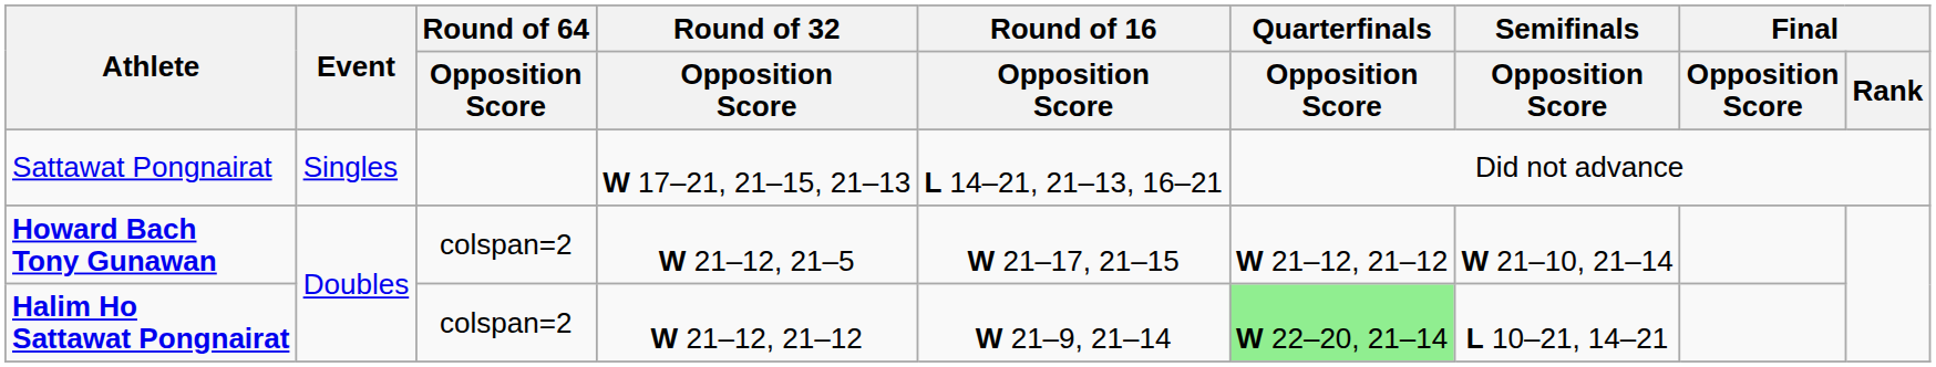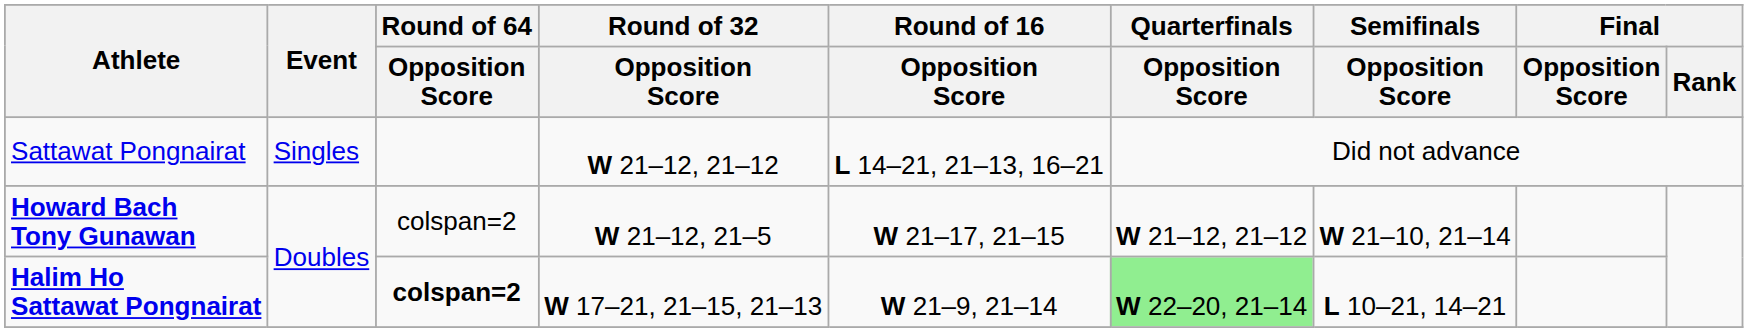 <table class="wikitable" style="font-size:90%">
 <tr>
 <th rowspan=2>Athlete</th>
 <th rowspan=2>Event</th>
 <th>Round of 64</th>
 <th>Round of 32</th>
 <th>Round of 16</th>
 <th>Quarterfinals</th>
 <th>Semifinals</th>
 <th colspan=2>Final</th>
 </tr>
 <tr>
 <th>Opposition<br>Score</th>
 <th>Opposition<br>Score</th>
 <th>Opposition<br>Score</th>
 <th>Opposition<br>Score</th>
 <th>Opposition<br>Score</th>
 <th>Opposition<br>Score</th>
 <th>Rank</th>
 </tr>
 <tr align=center>
 <td align=left><a href='#'>Sattawat Pongnairat</a></td>
 <td align=left><a href='#'>Singles</a></td>
 <td></td>
-<td><br><strong>W</strong> 17–21, 21–15, 21–13</td>
+<td><br><strong>W</strong> 21–12, 21–12</td>
 <td><br><strong>L</strong> 14–21, 21–13, 16–21</td>
 <td colspan=4>Did not advance</td>
 </tr>
 <tr align=center>
 <td align=left><strong><a href='#'>Howard Bach</a><br><a href='#'>Tony Gunawan</a></strong></td>
 <td align=left rowspan=2><a href='#'>Doubles</a></td>
 <td>colspan=2 </td>
 <td><br><strong>W</strong> 21–12, 21–5</td>
 <td><br><strong>W</strong> 21–17, 21–15</td>
 <td><br><strong>W</strong> 21–12, 21–12</td>
 <td><br> <strong>W</strong> 21–10, 21–14</td>
 <td></td>
 </tr>
 <tr align=center>
 <td align=left><strong><a href='#'>Halim Ho</a><br><a href='#'>Sattawat Pongnairat</a></strong></td>
-<td>colspan=2 </td>
-<td><br><strong>W</strong> 21–12, 21–12</td>
+<td><strong>colspan=2 </strong></td>
+<td><br><strong>W</strong> 17–21, 21–15, 21–13</td>
 <td><br><strong>W</strong> 21–9, 21–14</td>
 <td style="background: lightgreen;"><br> <strong>W</strong> 22–20, 21–14</td>
 <td><br> <strong>L</strong> 10–21, 14–21</td>
 <td></td>
 </tr>
 </table>
